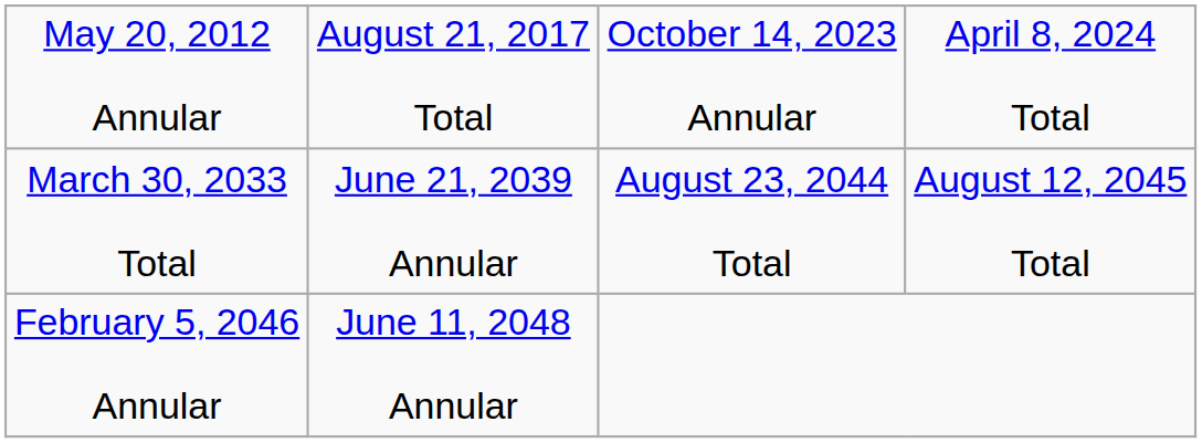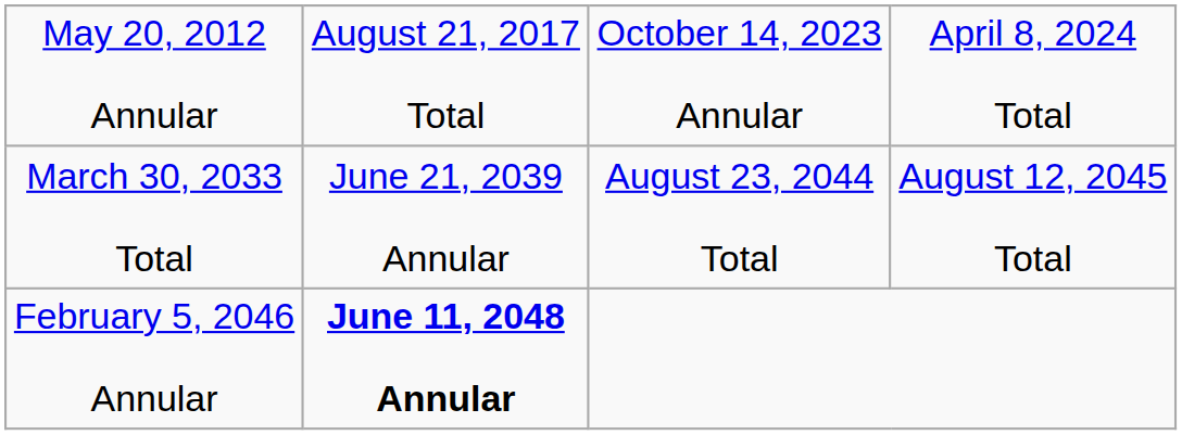 <table class="wikitable sortable">
 <tr align=center>
 <td><a href='#'>May 20, 2012</a><br><br>Annular</td>
 <td><a href='#'>August 21, 2017</a><br><br>Total</td>
 <td><a href='#'>October 14, 2023</a><br><br>Annular</td>
 <td><a href='#'>April 8, 2024</a><br><br>Total</td>
 </tr>
 <tr align=center>
 <td><a href='#'>March 30, 2033</a><br><br>Total</td>
 <td><a href='#'>June 21, 2039</a><br><br>Annular</td>
 <td><a href='#'>August 23, 2044</a><br><br>Total</td>
 <td><a href='#'>August 12, 2045</a><br><br>Total</td>
 </tr>
 <tr align=center>
 <td><a href='#'>February 5, 2046</a><br><br>Annular</td>
-<td><a href='#'>June 11, 2048</a><br><br>Annular</td>
+<td><strong><a href='#'>June 11, 2048</a><br><br>Annular</strong></td>
 </tr>
 </table>
